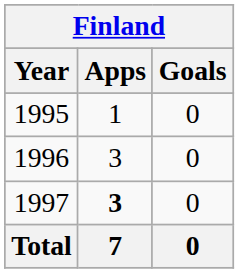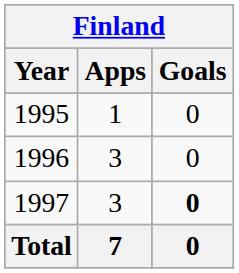 <table class=wikitable style=text-align:center>
 <tr>
 <th colspan=4><a href='#'>Finland</a></th>
 </tr>
 <tr>
 <th>Year</th>
 <th>Apps</th>
 <th>Goals</th>
 </tr>
 <tr>
 <td>1995</td>
 <td>1</td>
 <td>0</td>
 </tr>
 <tr>
 <td>1996</td>
 <td>3</td>
 <td>0</td>
 </tr>
 <tr>
 <td>1997</td>
-<td><strong>3</strong></td>
-<td>0</td>
+<td>3</td>
+<td><strong>0</strong></td>
 </tr>
 <tr>
 <th colspan=1>Total</th>
 <th>7</th>
 <th>0</th>
 </tr>
 </table>
